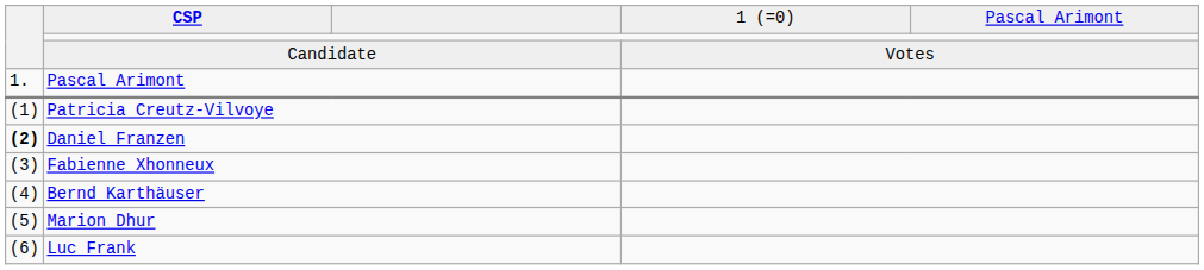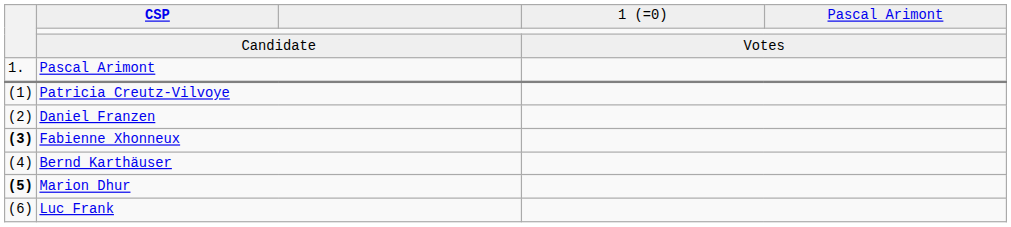 <table class="wikitable collapsible collapsed" style=text-align:left;font-size:90%>
 <tr>
 <th rowspan=3></th>
 <td bgcolor=efefef width=200 align=center><strong> <a href='#'>CSP</a> </strong></td>
 <td bgcolor=efefef width=200 align=center></td>
 <td bgcolor=efefef width=200 align=center>1 (=0)</td>
 <td bgcolor=efefef width=200 align=center><a href='#'>Pascal Arimont</a></td>
 </tr>
 <tr>
 <td colspan=4 bgcolor=></td>
 </tr>
 <tr>
 <td bgcolor=efefef align=center colspan=2>Candidate</td>
 <td bgcolor=efefef align=center colspan=2>Votes</td>
 </tr>
 <tr>
 <td>1.</td>
 <td colspan=2><a href='#'>Pascal Arimont</a></td>
 <td colspan=2></td>
 </tr>
 <tr style="border-top:2px solid gray;">
 <td>(1)</td>
 <td colspan=2><a href='#'>Patricia Creutz-Vilvoye</a></td>
 <td colspan=2></td>
 </tr>
 <tr>
-<td><strong>(2)</strong></td>
+<td>(2)</td>
 <td colspan=2><a href='#'>Daniel Franzen</a></td>
 <td colspan=2></td>
 </tr>
 <tr>
-<td>(3)</td>
+<td><strong>(3)</strong></td>
 <td colspan=2><a href='#'>Fabienne Xhonneux</a></td>
 <td colspan=2></td>
 </tr>
 <tr>
 <td>(4)</td>
 <td colspan=2><a href='#'>Bernd Karthäuser</a></td>
 <td colspan=2></td>
 </tr>
 <tr>
-<td>(5)</td>
+<td><strong>(5)</strong></td>
 <td colspan=2><a href='#'>Marion Dhur</a></td>
 <td colspan=2></td>
 </tr>
 <tr>
 <td>(6)</td>
 <td colspan=2><a href='#'>Luc Frank</a></td>
 <td colspan=2></td>
 </tr>
 </table>
